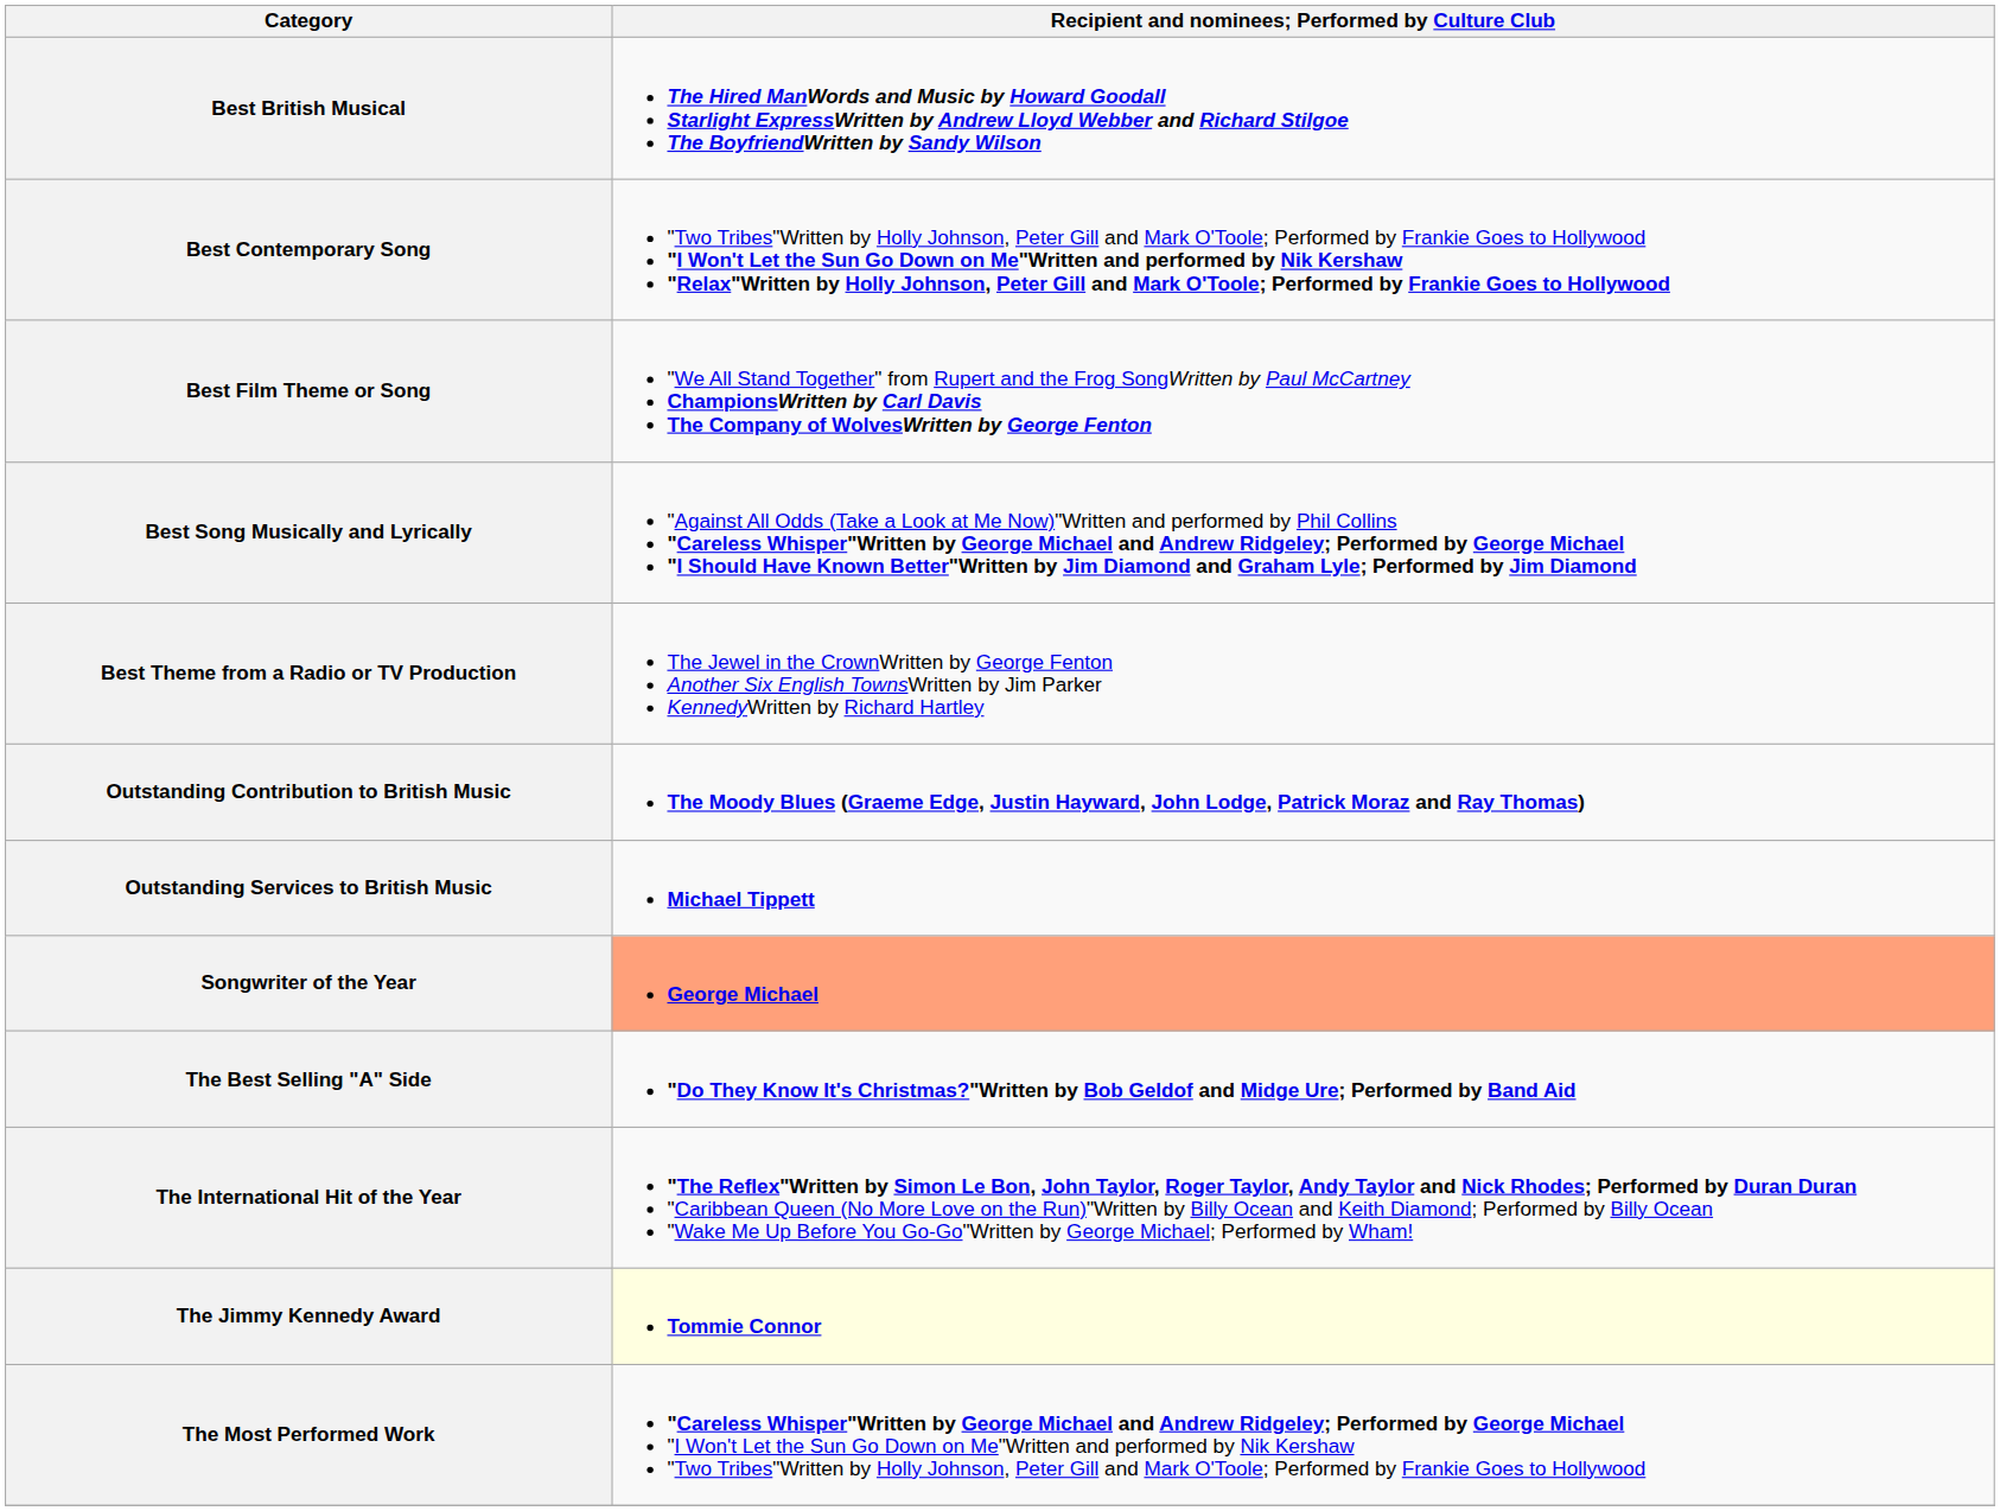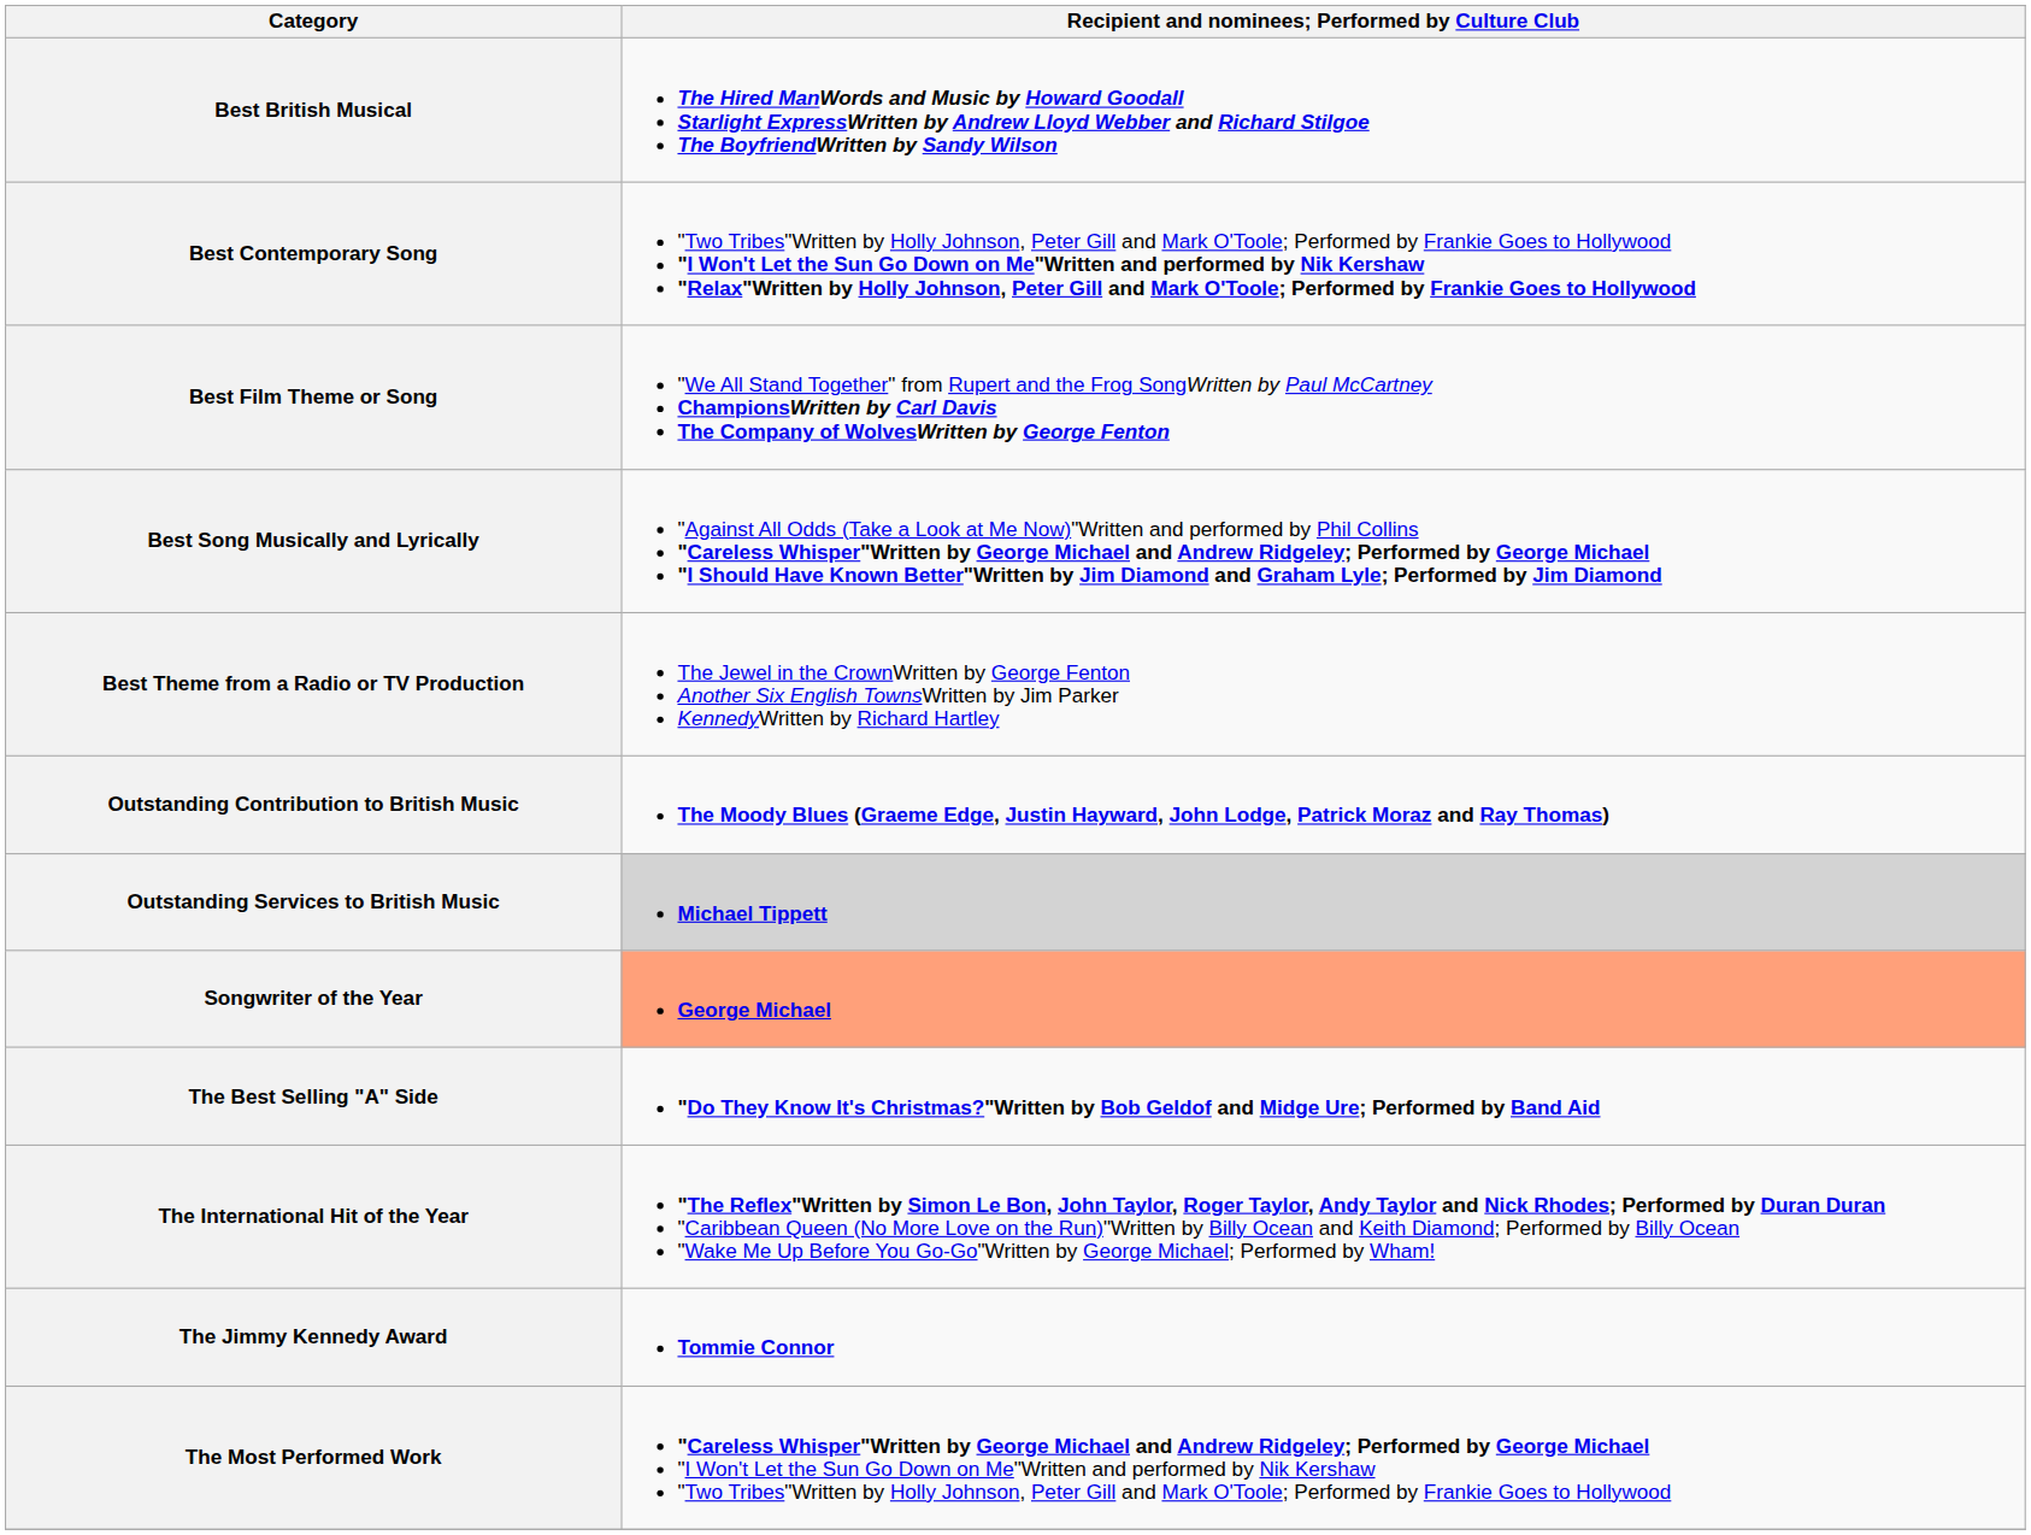 <table class="wikitable">
 <tr>
 <th width="25%">Category</th>
 <th width="57%">Recipient and nominees; Performed by <a href='#'>Culture Club</a></th>
 </tr>
 <tr>
 <th scope="row">Best British Musical</th>
 <td><br><ul><li><strong><em><a href='#'>The Hired Man</a><em>Words and Music by <a href='#'>Howard Goodall</a><strong></li><li></em><a href='#'>Starlight Express</a><em>Written by <a href='#'>Andrew Lloyd Webber</a> and <a href='#'>Richard Stilgoe</a></li><li></em><a href='#'>The Boyfriend</a><em>Written by <a href='#'>Sandy Wilson</a></li></ul></td>
 </tr>
 <tr>
 <th scope="row">Best Contemporary Song</th>
 <td><br><ul><li></strong>"<a href='#'>Two Tribes</a>"Written by <a href='#'>Holly Johnson</a>, <a href='#'>Peter Gill</a> and <a href='#'>Mark O'Toole</a>; Performed by <a href='#'>Frankie Goes to Hollywood</a><strong></li><li>"<a href='#'>I Won't Let the Sun Go Down on Me</a>"Written and performed by <a href='#'>Nik Kershaw</a></li><li>"<a href='#'>Relax</a>"Written by <a href='#'>Holly Johnson</a>, <a href='#'>Peter Gill</a> and <a href='#'>Mark O'Toole</a>; Performed by <a href='#'>Frankie Goes to Hollywood</a></li></ul></td>
 </tr>
 <tr>
 <th scope="row">Best Film Theme or Song</th>
 <td><br><ul><li></strong>"<a href='#'>We All Stand Together</a>" from </em><a href='#'>Rupert and the Frog Song</a><em>Written by <a href='#'>Paul McCartney</a><strong></li><li></em><a href='#'>Champions</a><em>Written by <a href='#'>Carl Davis</a></li><li></em><a href='#'>The Company of Wolves</a><em>Written by <a href='#'>George Fenton</a></li></ul></td>
 </tr>
 <tr>
 <th scope="row">Best Song Musically and Lyrically</th>
 <td><br><ul><li></strong>"<a href='#'>Against All Odds (Take a Look at Me Now)</a>"Written and performed by <a href='#'>Phil Collins</a><strong></li><li>"<a href='#'>Careless Whisper</a>"Written by <a href='#'>George Michael</a> and <a href='#'>Andrew Ridgeley</a>; Performed by <a href='#'>George Michael</a></li><li>"<a href='#'>I Should Have Known Better</a>"Written by <a href='#'>Jim Diamond</a> and <a href='#'>Graham Lyle</a>; Performed by <a href='#'>Jim Diamond</a></li></ul></td>
 </tr>
 <tr>
 <th scope="row">Best Theme from a Radio or TV Production</th>
 <td><br><ul><li></em></strong><a href='#'>The Jewel in the Crown</a></em>Written by <a href='#'>George Fenton</a></strong></li><li><em><a href='#'>Another Six English Towns</a></em>Written by Jim Parker</li><li><em><a href='#'>Kennedy</a></em>Written by <a href='#'>Richard Hartley</a></li></ul></td>
 </tr>
 <tr>
 <th scope="row">Outstanding Contribution to British Music</th>
 <td><br><ul><li><strong><a href='#'>The Moody Blues</a> (<a href='#'>Graeme Edge</a>, <a href='#'>Justin Hayward</a>, <a href='#'>John Lodge</a>, <a href='#'>Patrick Moraz</a> and <a href='#'>Ray Thomas</a>)</strong></li></ul></td>
 </tr>
 <tr>
 <th scope="row">Outstanding Services to British Music</th>
-<td><br><ul><li><strong><a href='#'>Michael Tippett</a></strong></li></ul></td>
+<td style="background: lightgrey;"><br><ul><li><strong><a href='#'>Michael Tippett</a></strong></li></ul></td>
 </tr>
 <tr>
 <th scope="row">Songwriter of the Year</th>
 <td style="background: lightsalmon;"><br><ul><li><strong><a href='#'>George Michael</a></strong></li></ul></td>
 </tr>
 <tr>
 <th scope="row">The Best Selling "A" Side</th>
 <td><br><ul><li><strong>"<a href='#'>Do They Know It's Christmas?</a>"Written by <a href='#'>Bob Geldof</a> and <a href='#'>Midge Ure</a>; Performed by <a href='#'>Band Aid</a></strong></li></ul></td>
 </tr>
 <tr>
 <th scope="row">The International Hit of the Year</th>
 <td><br><ul><li><strong>"<a href='#'>The Reflex</a>"Written by <a href='#'>Simon Le Bon</a>, <a href='#'>John Taylor</a>, <a href='#'>Roger Taylor</a>, <a href='#'>Andy Taylor</a> and <a href='#'>Nick Rhodes</a>; Performed by <a href='#'>Duran Duran</a></strong></li><li>"<a href='#'>Caribbean Queen (No More Love on the Run)</a>"Written by <a href='#'>Billy Ocean</a> and <a href='#'>Keith Diamond</a>; Performed by <a href='#'>Billy Ocean</a></li><li>"<a href='#'>Wake Me Up Before You Go-Go</a>"Written by <a href='#'>George Michael</a>; Performed by <a href='#'>Wham!</a></li></ul></td>
 </tr>
 <tr>
 <th scope="row">The Jimmy Kennedy Award</th>
-<td style="background: lightyellow;"><br><ul><li><strong><a href='#'>Tommie Connor</a></strong></li></ul></td>
+<td><br><ul><li><strong><a href='#'>Tommie Connor</a></strong></li></ul></td>
 </tr>
 <tr>
 <th scope="row">The Most Performed Work</th>
 <td><br><ul><li><strong>"<a href='#'>Careless Whisper</a>"Written by <a href='#'>George Michael</a> and <a href='#'>Andrew Ridgeley</a>; Performed by <a href='#'>George Michael</a></strong></li><li>"<a href='#'>I Won't Let the Sun Go Down on Me</a>"Written and performed by <a href='#'>Nik Kershaw</a></li><li>"<a href='#'>Two Tribes</a>"Written by <a href='#'>Holly Johnson</a>, <a href='#'>Peter Gill</a> and <a href='#'>Mark O'Toole</a>; Performed by <a href='#'>Frankie Goes to Hollywood</a></li></ul></td>
 </tr>
 <tr>
 </tr>
 </table>
